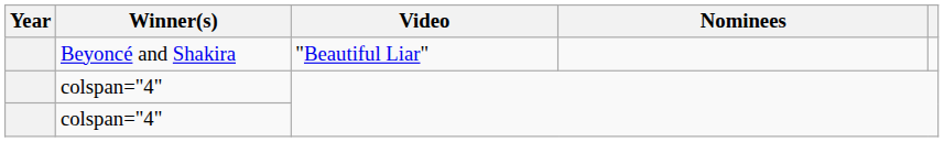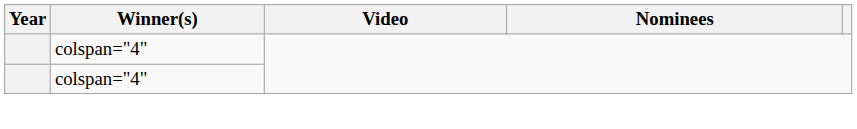 <table class="wikitable sortable">
 <tr>
 <th scope="col">Year</th>
 <th scope="col" style="width:175px;">Winner(s)</th>
 <th scope="col" style="width:200px;">Video</th>
 <th scope="col" style="width:280px;">Nominees</th>
 <th scope="col" class="unsortable"></th>
 </tr>
 <tr>
 <th scope="row"></th>
-<td><a href='#'>Beyoncé</a> and <a href='#'>Shakira</a></td>
-<td>"<a href='#'>Beautiful Liar</a>"</td>
-<td></td>
-<td align="center"></td>
-</tr>
-<tr>
-<th scope="row"></th>
 <td>colspan="4" </td>
 </tr>
 <tr>
 <th scope="row"></th>
 <td>colspan="4" </td>
 </tr>
 </table>
